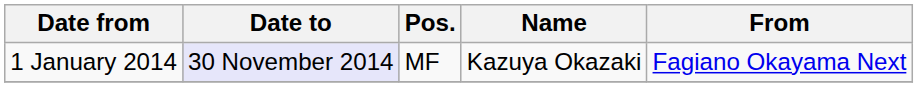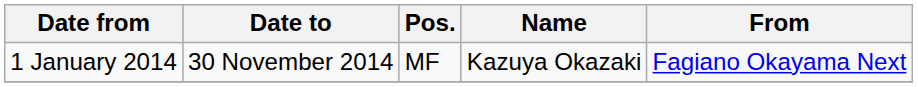 <table class="wikitable">
 <tr>
 <th>Date from</th>
 <th>Date to</th>
 <th>Pos.</th>
 <th>Name</th>
 <th>From</th>
 </tr>
 <tr>
 <td>1 January 2014</td>
-<td style="background: lavender;">30 November 2014</td>
+<td>30 November 2014</td>
 <td>MF</td>
 <td> Kazuya Okazaki</td>
 <td> <a href='#'>Fagiano Okayama Next</a></td>
 </tr>
 <tr>
 </tr>
 </table>
